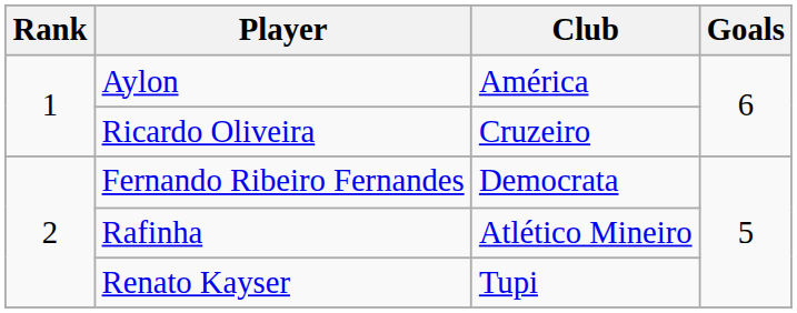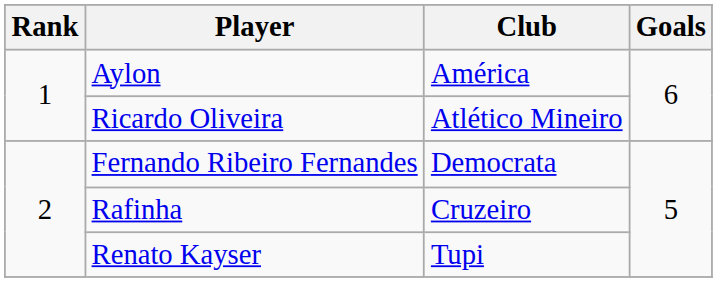 <table class="wikitable sortable" style="text-align:center">
 <tr>
 <th>Rank</th>
 <th>Player</th>
 <th>Club</th>
 <th>Goals</th>
 </tr>
 <tr>
 <td rowspan="2">1</td>
 <td align="left"> <a href='#'>Aylon</a></td>
 <td align="left"><a href='#'>América</a></td>
 <td rowspan="2">6</td>
 </tr>
 <tr>
 <td align="left"> <a href='#'>Ricardo Oliveira</a></td>
-<td align="left"><a href='#'>Cruzeiro</a></td>
+<td align="left"><a href='#'>Atlético Mineiro</a></td>
 </tr>
 <tr>
 <td rowspan="3">2</td>
 <td align="left"> <a href='#'>Fernando Ribeiro Fernandes</a></td>
 <td align="left"><a href='#'>Democrata</a></td>
 <td rowspan="3">5</td>
 </tr>
 <tr>
 <td align="left"> <a href='#'>Rafinha</a></td>
-<td align="left"><a href='#'>Atlético Mineiro</a></td>
+<td align="left"><a href='#'>Cruzeiro</a></td>
 </tr>
 <tr>
 <td align="left"> <a href='#'>Renato Kayser</a></td>
 <td align="left"><a href='#'>Tupi</a></td>
 </tr>
 </table>
